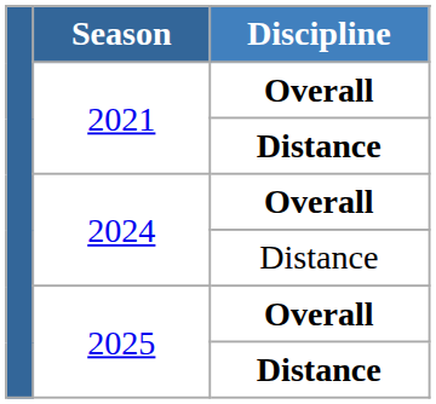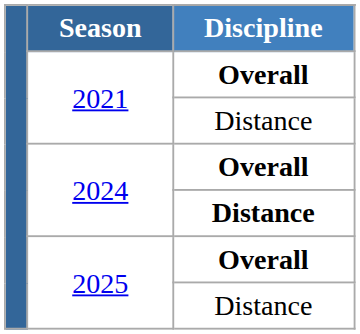 <table class="wikitable" style="font-size:95%; text-align:center; border:grey solid 1px; border-collapse:collapse; background:#ffffff;" width="15%">
 <tr style="background-color:#369; color:white;">
 <td rowspan="8" width="1%"></td>
 <td colspan="1" rowspan="2" width="5%"><strong>Season</strong></td>
 </tr>
 <tr style="background-color:#4180be; color:white;">
 <td width="5%"><strong>Discipline</strong></td>
 </tr>
 <tr>
 <td rowspan="2"><a href='#'>2021</a></td>
 <td><strong>Overall</strong></td>
 </tr>
 <tr>
-<td><strong>Distance</strong></td>
+<td>Distance</td>
 </tr>
 <tr>
 <td rowspan="2"><a href='#'>2024</a></td>
 <td><strong>Overall</strong></td>
 </tr>
 <tr>
-<td>Distance</td>
+<td><strong>Distance</strong></td>
 </tr>
 <tr>
 <td rowspan="2"><a href='#'>2025</a></td>
 <td><strong>Overall</strong></td>
 </tr>
 <tr>
-<td><strong>Distance</strong></td>
+<td>Distance</td>
 </tr>
 </table>
